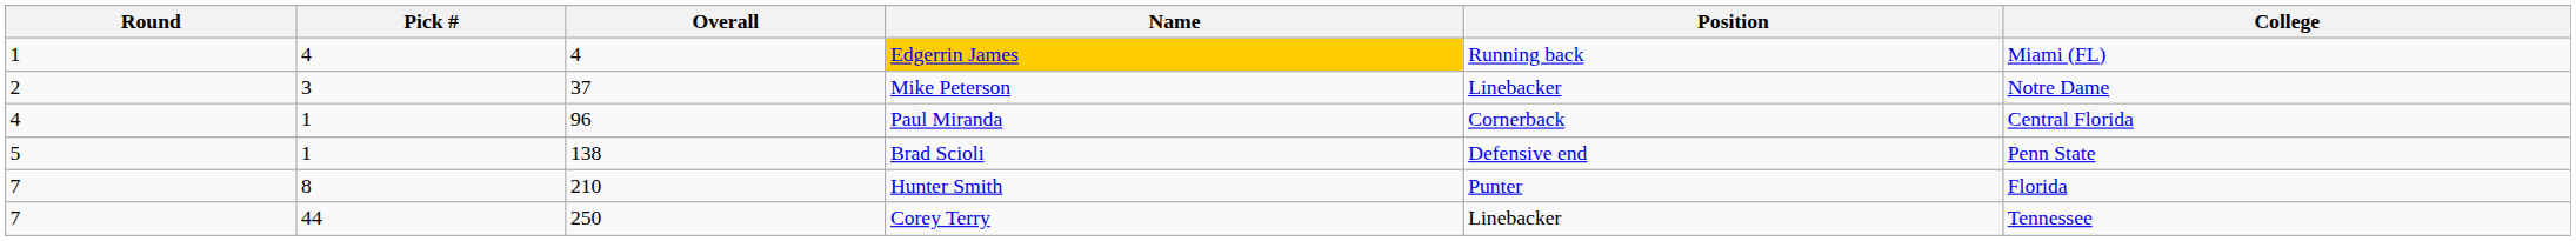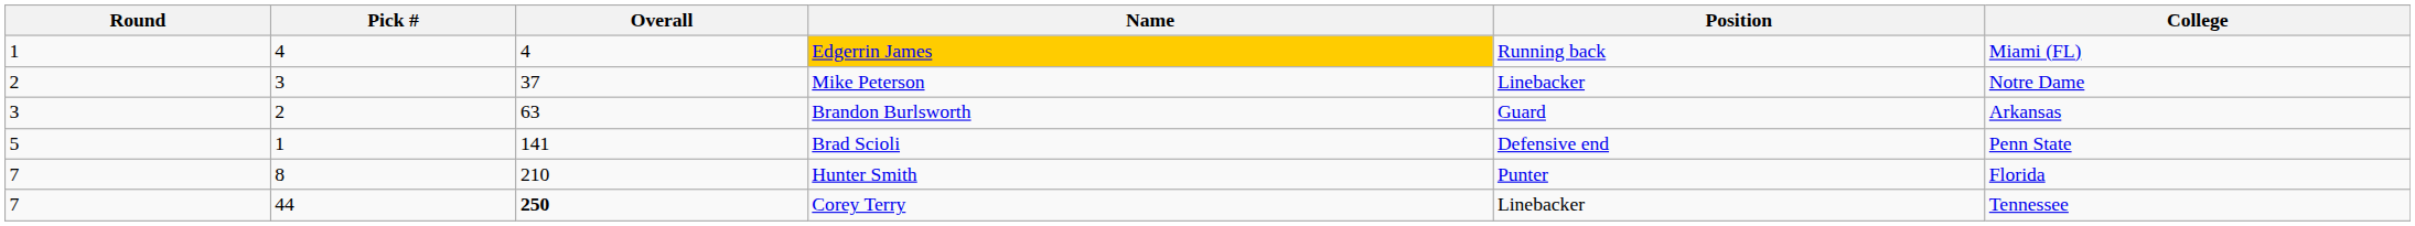 <table class="wikitable sortable sortable" style="width: 100%">
 <tr>
 <th>Round</th>
 <th>Pick #</th>
 <th>Overall</th>
 <th>Name</th>
 <th>Position</th>
 <th>College</th>
 </tr>
 <tr>
 <td>1</td>
 <td>4</td>
 <td>4</td>
 <td style="background-color:#FFCC00;"><a href='#'>Edgerrin James</a></td>
 <td><a href='#'>Running back</a></td>
 <td><a href='#'>Miami (FL)</a></td>
 </tr>
 <tr>
 <td>2</td>
 <td>3</td>
 <td>37</td>
 <td><a href='#'>Mike Peterson</a></td>
 <td><a href='#'>Linebacker</a></td>
 <td><a href='#'>Notre Dame</a></td>
 </tr>
 <tr>
-<td>4</td>
-<td>1</td>
-<td>96</td>
-<td><a href='#'>Paul Miranda</a></td>
-<td><a href='#'>Cornerback</a></td>
-<td><a href='#'>Central Florida</a></td>
+<td>3</td>
+<td>2</td>
+<td>63</td>
+<td><a href='#'>Brandon Burlsworth</a></td>
+<td><a href='#'>Guard</a></td>
+<td><a href='#'>Arkansas</a></td>
 </tr>
 <tr>
 <td>5</td>
 <td>1</td>
-<td>138</td>
+<td>141</td>
 <td><a href='#'>Brad Scioli</a></td>
 <td><a href='#'>Defensive end</a></td>
 <td><a href='#'>Penn State</a></td>
 </tr>
 <tr>
 <td>7</td>
 <td>8</td>
 <td>210</td>
 <td><a href='#'>Hunter Smith</a></td>
 <td><a href='#'>Punter</a></td>
 <td><a href='#'>Florida</a></td>
 </tr>
 <tr>
 <td>7</td>
 <td>44</td>
-<td>250</td>
+<td><strong>250</strong></td>
 <td><a href='#'>Corey Terry</a></td>
 <td>Linebacker</td>
 <td><a href='#'>Tennessee</a></td>
 </tr>
 </table>
